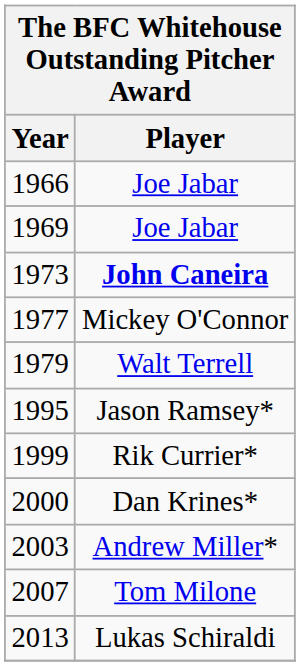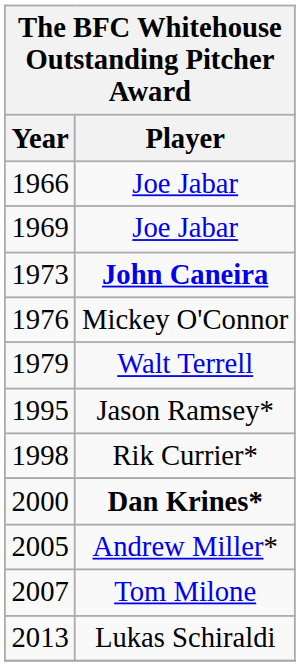 <table class="wikitable" style="display: inline-table; margin-right: 20px; text-align:center">
 <tr>
 <th scope="col" colspan="2" style="width: 145px;">The BFC Whitehouse Outstanding Pitcher Award</th>
 </tr>
 <tr>
 <th scope="col">Year</th>
 <th scope="col">Player</th>
 </tr>
 <tr>
 <td>1966</td>
 <td><a href='#'>Joe Jabar</a></td>
 </tr>
 <tr>
 <td>1969</td>
 <td><a href='#'>Joe Jabar</a></td>
 </tr>
 <tr>
 <td>1973</td>
 <td><strong><a href='#'>John Caneira</a></strong></td>
 </tr>
 <tr>
-<td>1977</td>
+<td>1976</td>
 <td>Mickey O'Connor</td>
 </tr>
 <tr>
 <td>1979</td>
 <td><a href='#'>Walt Terrell</a></td>
 </tr>
 <tr>
 <td>1995</td>
 <td>Jason Ramsey*</td>
 </tr>
 <tr>
-<td>1999</td>
+<td>1998</td>
 <td>Rik Currier*</td>
 </tr>
 <tr>
 <td>2000</td>
-<td>Dan Krines*</td>
+<td><strong>Dan Krines*</strong></td>
 </tr>
 <tr>
-<td>2003</td>
+<td>2005</td>
 <td><a href='#'>Andrew Miller</a>*</td>
 </tr>
 <tr>
 <td>2007</td>
 <td><a href='#'>Tom Milone</a></td>
 </tr>
 <tr>
 <td>2013</td>
 <td>Lukas Schiraldi</td>
 </tr>
 <tr>
 </tr>
 </table>
